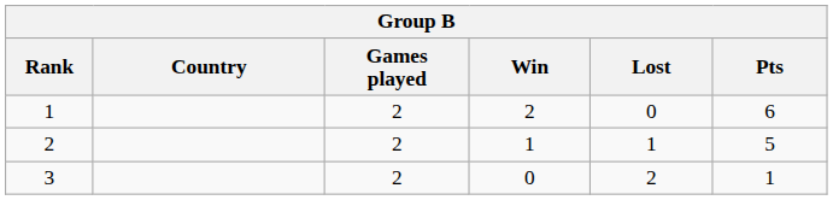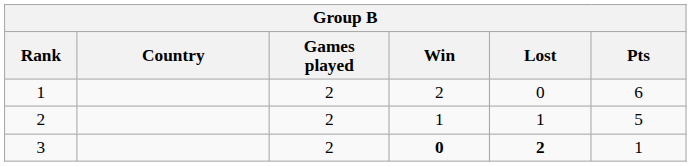 <table class="wikitable" style= "text-align: center; Width:50%">
 <tr>
 <th colspan= 6>Group B</th>
 </tr>
 <tr>
 <th width=2%>Rank</th>
 <th width=10%>Country</th>
 <th width=5%>Games <br> played</th>
 <th width=5%>Win</th>
 <th width=5%>Lost</th>
 <th width=5%>Pts</th>
 </tr>
 <tr>
 <td>1</td>
 <td style= "text-align: left"></td>
 <td>2</td>
 <td>2</td>
 <td>0</td>
 <td>6</td>
 </tr>
 <tr>
 <td>2</td>
 <td style= "text-align: left"></td>
 <td>2</td>
 <td>1</td>
 <td>1</td>
 <td>5</td>
 </tr>
 <tr>
 <td>3</td>
 <td style= "text-align: left"></td>
 <td>2</td>
-<td>0</td>
-<td>2</td>
+<td><strong>0</strong></td>
+<td><strong>2</strong></td>
 <td>1</td>
 </tr>
 </table>
